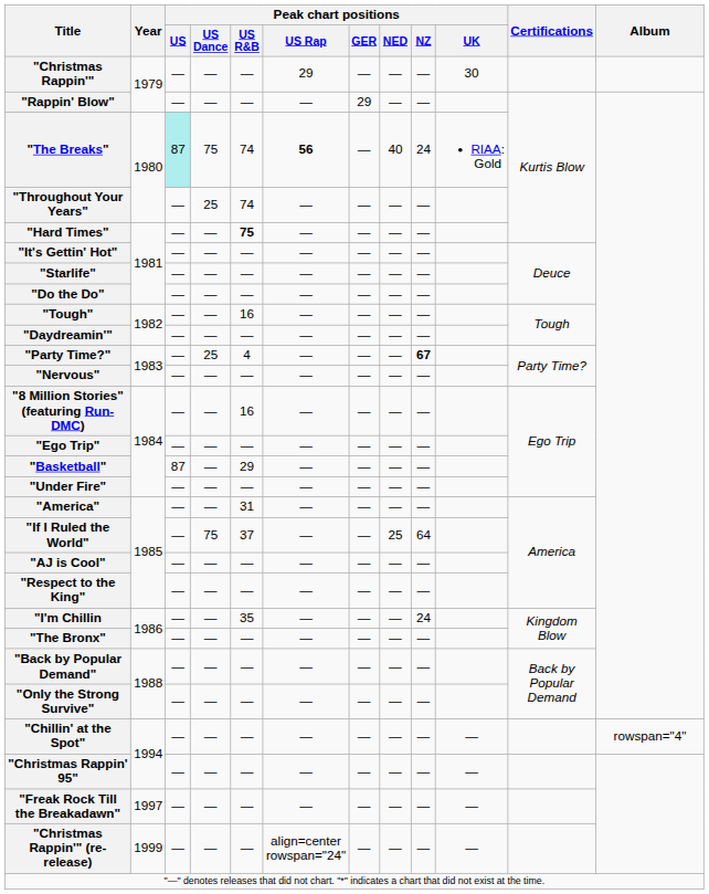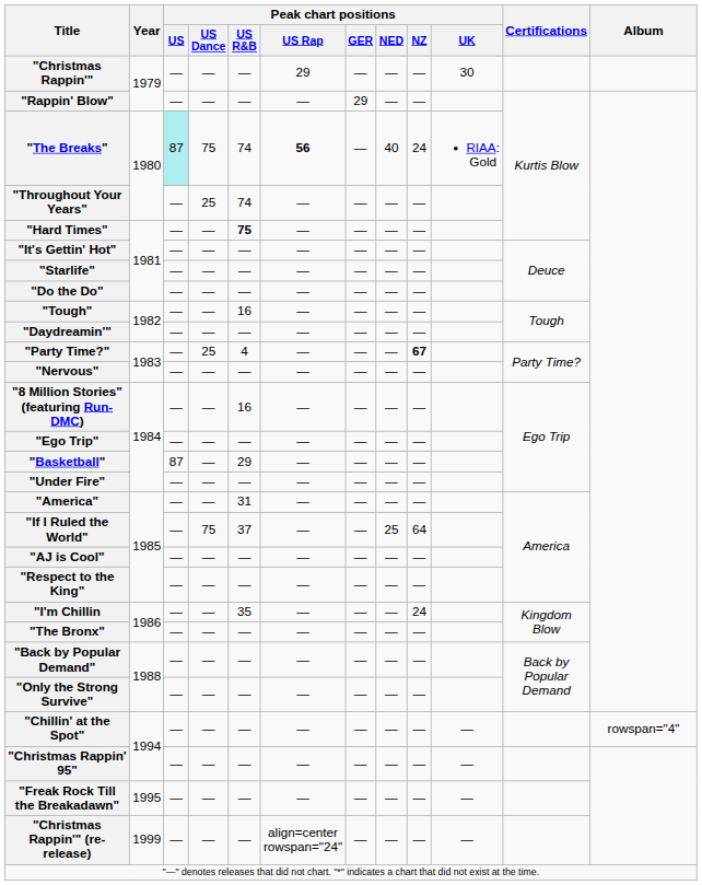 <table class="wikitable plainrowheaders" style="text-align:center;" border="1">
 <tr>
 <th scope="col" rowspan="2" style="width:20em;">Title</th>
 <th scope="col" rowspan="2" style="width:1em;">Year</th>
 <th scope="col" colspan="8">Peak chart positions</th>
 <th rowspan="2"><a href='#'>Certifications</a></th>
 <th scope="col" rowspan="2" style="width:18em;">Album</th>
 </tr>
 <tr>
 <th scope="col" style="width:3em;font-size:90%;"><a href='#'>US</a><br></th>
 <th scope="col" style="width:3em;font-size:90%;"><a href='#'>US Dance</a><br></th>
 <th scope="col" style="width:3em;font-size:90%;"><a href='#'>US R&B</a><br></th>
 <th scope="col" style="width:3em;font-size:90%;"><a href='#'>US Rap</a><br></th>
 <th style="width:2em;font-size:90%;"><a href='#'>GER</a><br></th>
 <th scope="col" style="width:3em;font-size:90%;"><a href='#'>NED</a><br></th>
 <th scope="col" style="width:3em;font-size:90%;"><a href='#'>NZ</a><br></th>
 <th style="width:2em;font-size:90%;"><a href='#'>UK</a><br></th>
 </tr>
 <tr>
 <th scope="row">"Christmas Rappin'"</th>
 <td rowspan="2">1979</td>
 <td align=center>—</td>
 <td align=center>—</td>
 <td align=center>―</td>
 <td align=center>29</td>
 <td align=center>—</td>
 <td align=center>—</td>
 <td align=center>―</td>
 <td align=center>30</td>
 <td></td>
 <td></td>
 </tr>
 <tr>
 <th scope="row">"Rappin' Blow"</th>
 <td align=center>—</td>
 <td align=center>—</td>
 <td align=center>—</td>
 <td align=center>—</td>
 <td align=center>29</td>
 <td align=center>―</td>
 <td align=center>—</td>
 <td></td>
 <td rowspan="4"><em>Kurtis Blow</em></td>
 </tr>
 <tr>
 <th scope="row">"<a href='#'>The Breaks</a>"</th>
 <td rowspan="2">1980</td>
 <td align=center style="background: paleturquoise;">87</td>
 <td align=center>75</td>
 <td align=center>74</td>
 <td align=center><strong>56</strong></td>
 <td align=center>—</td>
 <td align=center>40</td>
 <td align=center>24</td>
 <td><br><ul><li><a href='#'>RIAA</a>: Gold</li></ul></td>
 </tr>
 <tr>
 <th scope="row">"Throughout Your Years"</th>
 <td align=center>—</td>
 <td align=center>25</td>
 <td align=center>74</td>
 <td align=center>—</td>
 <td align=center>—</td>
 <td align=center>―</td>
 <td align=center>—</td>
 <td></td>
 </tr>
 <tr>
 <th scope="row">"Hard Times"</th>
 <td rowspan="4">1981</td>
 <td align=center>―</td>
 <td align=center>—</td>
 <td align=center><strong>75</strong></td>
 <td align=center>—</td>
 <td align=center>—</td>
 <td align=center>―</td>
 <td align=center>—</td>
 <td></td>
 </tr>
 <tr>
 <th scope="row">"It's Gettin' Hot"</th>
 <td align=center>―</td>
 <td align=center>—</td>
 <td align=center>—</td>
 <td align=center>—</td>
 <td align=center>—</td>
 <td align=center>―</td>
 <td align=center>—</td>
 <td></td>
 <td rowspan="3"><em>Deuce</em></td>
 </tr>
 <tr>
 <th scope="row">"Starlife"</th>
 <td align=center>―</td>
 <td align=center>—</td>
 <td align=center>—</td>
 <td align=center>―</td>
 <td align=center>—</td>
 <td align=center>—</td>
 <td align=center>―</td>
 <td></td>
 </tr>
 <tr>
 <th scope="row">"Do the Do"</th>
 <td align=center>―</td>
 <td align=center>—</td>
 <td align=center>—</td>
 <td align=center>—</td>
 <td align=center>—</td>
 <td align=center>―</td>
 <td align=center>—</td>
 <td></td>
 </tr>
 <tr>
 <th scope="row">"Tough"</th>
 <td rowspan="2">1982</td>
 <td align=center>—</td>
 <td align=center>—</td>
 <td align=center>16</td>
 <td align=center>—</td>
 <td align=center>—</td>
 <td align=center>―</td>
 <td align=center>—</td>
 <td></td>
 <td rowspan="2"><em>Tough</em></td>
 </tr>
 <tr>
 <th scope="row">"Daydreamin'"</th>
 <td align=center>—</td>
 <td align=center>—</td>
 <td align=center>—</td>
 <td align=center>—</td>
 <td align=center>—</td>
 <td align=center>―</td>
 <td align=center>—</td>
 <td></td>
 </tr>
 <tr>
 <th scope="row">"Party Time?"</th>
 <td rowspan="2">1983</td>
 <td align=center>—</td>
 <td align=center>25</td>
 <td align=center>4</td>
 <td align=center>—</td>
 <td align=center>—</td>
 <td align=center>―</td>
 <td align=center><strong>67</strong></td>
 <td></td>
 <td rowspan="2"><em>Party Time?</em></td>
 </tr>
 <tr>
 <th scope="row">"Nervous"</th>
 <td align=center>—</td>
 <td align=center>—</td>
 <td align=center>―</td>
 <td align=center>—</td>
 <td align=center>—</td>
 <td align=center>―</td>
 <td align=center>—</td>
 <td></td>
 </tr>
 <tr>
 <th scope="row">"8 Million Stories"<br><span>(featuring <a href='#'>Run-DMC</a>)</span></th>
 <td rowspan="4">1984</td>
 <td align=center>—</td>
 <td align=center>—</td>
 <td align=center>16</td>
 <td align=center>—</td>
 <td align=center>—</td>
 <td align=center>―</td>
 <td align=center>—</td>
 <td></td>
 <td rowspan="4"><em>Ego Trip</em></td>
 </tr>
 <tr>
 <th scope="row">"Ego Trip"</th>
 <td align=center>—</td>
 <td align=center>—</td>
 <td align=center>—</td>
 <td align=center>—</td>
 <td align=center>—</td>
 <td align=center>―</td>
 <td align=center>—</td>
 <td></td>
 </tr>
 <tr>
 <th scope="row">"<a href='#'>Basketball</a>"</th>
 <td align=center>87</td>
 <td align=center>—</td>
 <td align=center>29</td>
 <td align=center>—</td>
 <td align=center>—</td>
 <td align=center>―</td>
 <td align=center>—</td>
 <td></td>
 </tr>
 <tr>
 <th scope="row">"Under Fire"</th>
 <td align=center>—</td>
 <td align=center>—</td>
 <td align=center>—</td>
 <td align=center>―</td>
 <td align=center>—</td>
 <td align=center>―</td>
 <td align=center>—</td>
 <td></td>
 </tr>
 <tr>
 <th scope="row">"America"</th>
 <td rowspan="4">1985</td>
 <td align=center>―</td>
 <td align=center>—</td>
 <td align=center>31</td>
 <td align=center>―</td>
 <td align=center>—</td>
 <td align=center>―</td>
 <td align=center>—</td>
 <td></td>
 <td rowspan="4"><em>America</em></td>
 </tr>
 <tr>
 <th scope="row">"If I Ruled the World"</th>
 <td align=center>—</td>
 <td align=center>75</td>
 <td align=center>37</td>
 <td align=center>—</td>
 <td align=center>—</td>
 <td align=center>25</td>
 <td align=center>64</td>
 <td></td>
 </tr>
 <tr>
 <th scope="row">"AJ is Cool"</th>
 <td align=center>—</td>
 <td align=center>—</td>
 <td align=center>—</td>
 <td align=center>—</td>
 <td align=center>—</td>
 <td align=center>—</td>
 <td align=center>—</td>
 <td></td>
 </tr>
 <tr>
 <th scope="row">"Respect to the King"</th>
 <td align=center>—</td>
 <td align=center>—</td>
 <td align=center>—</td>
 <td align=center>—</td>
 <td align=center>—</td>
 <td align=center>—</td>
 <td align=center>—</td>
 <td></td>
 </tr>
 <tr>
 <th scope="row">"I'm Chillin</th>
 <td rowspan="2">1986</td>
 <td align=center>―</td>
 <td align=center>—</td>
 <td align=center>35</td>
 <td align=center>—</td>
 <td align=center>—</td>
 <td align=center>―</td>
 <td align=center>24</td>
 <td></td>
 <td rowspan="2"><em>Kingdom Blow</em></td>
 </tr>
 <tr>
 <th scope="row">"The Bronx"</th>
 <td align=center>―</td>
 <td align=center>—</td>
 <td align=center>―</td>
 <td align=center>—</td>
 <td align=center>—</td>
 <td align=center>―</td>
 <td align=center>—</td>
 <td></td>
 </tr>
 <tr>
 <th scope="row">"Back by Popular Demand"</th>
 <td rowspan="2">1988</td>
 <td align=center>―</td>
 <td align=center>—</td>
 <td align=center>―</td>
 <td align=center>—</td>
 <td align=center>—</td>
 <td align=center>―</td>
 <td align=center>—</td>
 <td></td>
 <td rowspan="2"><em>Back by Popular Demand</em></td>
 </tr>
 <tr>
 <th scope="row">"Only the Strong Survive"</th>
 <td align=center>―</td>
 <td align=center>—</td>
 <td align=center>―</td>
 <td align=center>—</td>
 <td align=center>—</td>
 <td align=center>―</td>
 <td align=center>—</td>
 <td></td>
 </tr>
 <tr>
 <th scope="row">"Chillin' at the Spot"</th>
 <td rowspan="2">1994</td>
 <td align=center>—</td>
 <td align=center>—</td>
 <td align=center>―</td>
 <td align=center>—</td>
 <td align=center>—</td>
 <td align=center>—</td>
 <td align=center>―</td>
 <td align=center>—</td>
 <td></td>
 <td>rowspan="4" </td>
 </tr>
 <tr>
 <th scope="row">"Christmas Rappin' 95"</th>
 <td align=center>―</td>
 <td align=center>—</td>
 <td align=center>―</td>
 <td align=center>—</td>
 <td align=center>—</td>
 <td align=center>—</td>
 <td align=center>―</td>
 <td align=center>—</td>
 <td></td>
 </tr>
 <tr>
 <th scope="row">"Freak Rock Till the Breakadawn"</th>
-<td rowspan="1">1997</td>
+<td rowspan="1">1995</td>
 <td align=center>―</td>
 <td align=center>—</td>
 <td align=center>―</td>
 <td align=center>—</td>
 <td align=center>—</td>
 <td align=center>—</td>
 <td align=center>―</td>
 <td align=center>—</td>
 <td></td>
 </tr>
 <tr>
 <th scope="row">"Christmas Rappin'" (re-release)</th>
 <td>1999</td>
 <td align=center>—</td>
 <td align=center>—</td>
 <td align=center>―</td>
 <td>align=center rowspan="24" </td>
 <td align=center>—</td>
 <td align=center>—</td>
 <td align=center>―</td>
 <td align=center>—</td>
 <td></td>
 </tr>
 <tr>
 <td colspan="12" style="text-align:center; font-size:9pt;">"—" denotes releases that did not chart. "*" indicates a chart that did not exist at the time.</td>
 </tr>
 </table>
